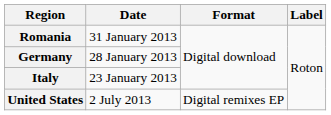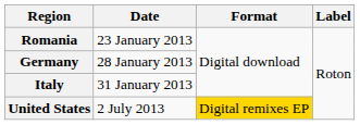 <table class="wikitable plainrowheaders unsortable">
 <tr>
 <th>Region</th>
 <th>Date</th>
 <th>Format</th>
 <th>Label</th>
 </tr>
 <tr>
 <th scope="row">Romania</th>
-<td>31 January 2013</td>
+<td>23 January 2013</td>
 <td rowspan="3">Digital download</td>
 <td rowspan="4">Roton</td>
 </tr>
 <tr>
 <th scope="row">Germany</th>
 <td>28 January 2013</td>
 </tr>
 <tr>
 <th scope="row">Italy</th>
-<td>23 January 2013</td>
+<td>31 January 2013</td>
 </tr>
 <tr>
 <th scope="row">United States</th>
 <td>2 July 2013</td>
-<td>Digital remixes EP</td>
+<td style="background: gold;">Digital remixes EP</td>
 </tr>
 </table>
